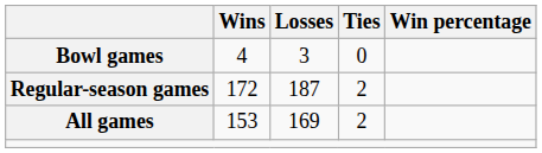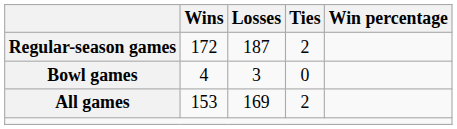 <table class="wikitable" style="text-align:center; margin: auto;">
 <tr>
 <th scope="col"></th>
 <th scope="col">Wins</th>
 <th scope="col">Losses</th>
 <th scope="col">Ties</th>
 <th scope="col">Win percentage</th>
 </tr>
 <tr>
+<th scope="row">Regular-season games</th>
+<td>172</td>
+<td>187</td>
+<td>2</td>
+<td></td>
+</tr>
+<tr>
 <th scope="row">Bowl games</th>
 <td>4</td>
 <td>3</td>
 <td>0</td>
-<td></td>
-</tr>
-<tr>
-<th scope="row">Regular-season games</th>
-<td>172</td>
-<td>187</td>
-<td>2</td>
 <td></td>
 </tr>
 <tr>
 <th scope="row">All games</th>
 <td>153</td>
 <td>169</td>
 <td>2</td>
 <td></td>
 </tr>
 <tr>
 <td colspan="5" style="font-size: 85%" align="left"></td>
 </tr>
 </table>
